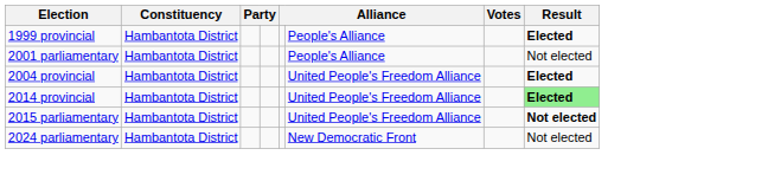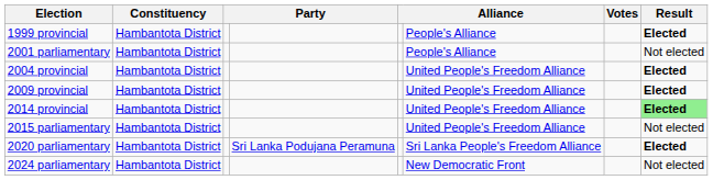 <table class="wikitable" style="text-align:left;">
 <tr>
 <th scope=col>Election</th>
 <th scope=col>Constituency</th>
 <th scope=col colspan="2">Party</th>
 <th scope=col colspan="2">Alliance</th>
 <th scope=col>Votes</th>
 <th scope=col>Result</th>
 </tr>
 <tr>
 <td><a href='#'>1999 provincial</a></td>
 <td><a href='#'>Hambantota District</a></td>
 <td></td>
 <td></td>
 <td style="background:"></td>
 <td><a href='#'>People's Alliance</a></td>
 <td align=right></td>
 <td><strong>Elected</strong></td>
 </tr>
 <tr>
 <td><a href='#'>2001 parliamentary</a></td>
 <td><a href='#'>Hambantota District</a></td>
 <td></td>
 <td></td>
 <td style="background:"></td>
 <td><a href='#'>People's Alliance</a></td>
 <td align=right></td>
 <td>Not elected</td>
 </tr>
 <tr>
 <td><a href='#'>2004 provincial</a></td>
 <td><a href='#'>Hambantota District</a></td>
 <td></td>
 <td></td>
 <td style="background:"></td>
 <td><a href='#'>United People's Freedom Alliance</a></td>
 <td align=right></td>
 <td><strong>Elected</strong></td>
 </tr>
 <tr>
+<td><a href='#'>2009 provincial</a></td>
+<td><a href='#'>Hambantota District</a></td>
+<td></td>
+<td></td>
+<td style="background:"></td>
+<td><a href='#'>United People's Freedom Alliance</a></td>
+<td align=right></td>
+<td><strong>Elected</strong></td>
+</tr>
+<tr>
 <td><a href='#'>2014 provincial</a></td>
 <td><a href='#'>Hambantota District</a></td>
 <td></td>
 <td></td>
 <td style="background:"></td>
 <td><a href='#'>United People's Freedom Alliance</a></td>
 <td align=right></td>
 <td style="background: lightgreen;"><strong>Elected</strong></td>
 </tr>
 <tr>
 <td><a href='#'>2015 parliamentary</a></td>
 <td><a href='#'>Hambantota District</a></td>
 <td></td>
 <td></td>
 <td style="background:"></td>
 <td><a href='#'>United People's Freedom Alliance</a></td>
 <td align=right></td>
-<td><strong>Not elected</strong></td>
+<td>Not elected</td>
+</tr>
+<tr>
+<td><a href='#'>2020 parliamentary</a></td>
+<td><a href='#'>Hambantota District</a></td>
+<td style="background:"></td>
+<td><a href='#'>Sri Lanka Podujana Peramuna</a></td>
+<td style="background:"></td>
+<td><a href='#'>Sri Lanka People's Freedom Alliance</a></td>
+<td align=right></td>
+<td><strong>Elected</strong></td>
 </tr>
 <tr>
 <td><a href='#'>2024 parliamentary</a></td>
 <td><a href='#'>Hambantota District</a></td>
 <td></td>
 <td></td>
 <td style="background:"></td>
 <td><a href='#'>New Democratic Front</a></td>
 <td></td>
 <td>Not elected</td>
 </tr>
 </table>
